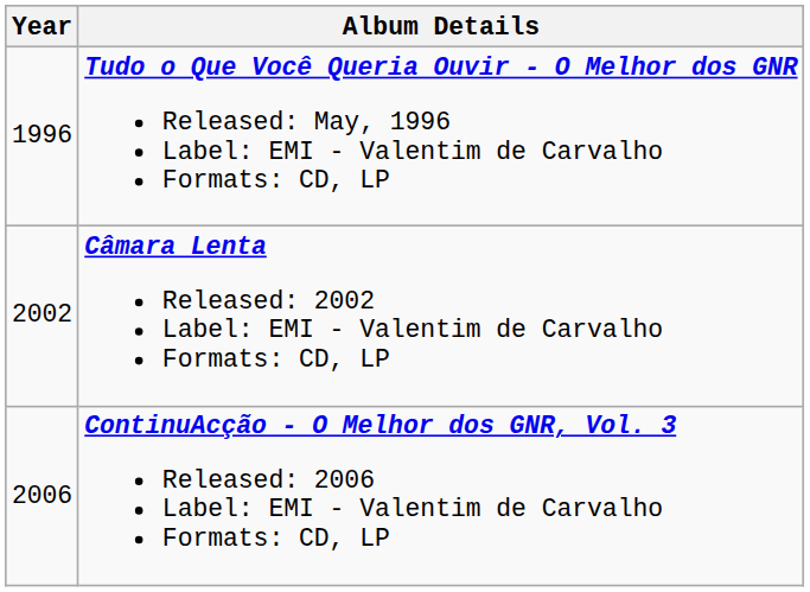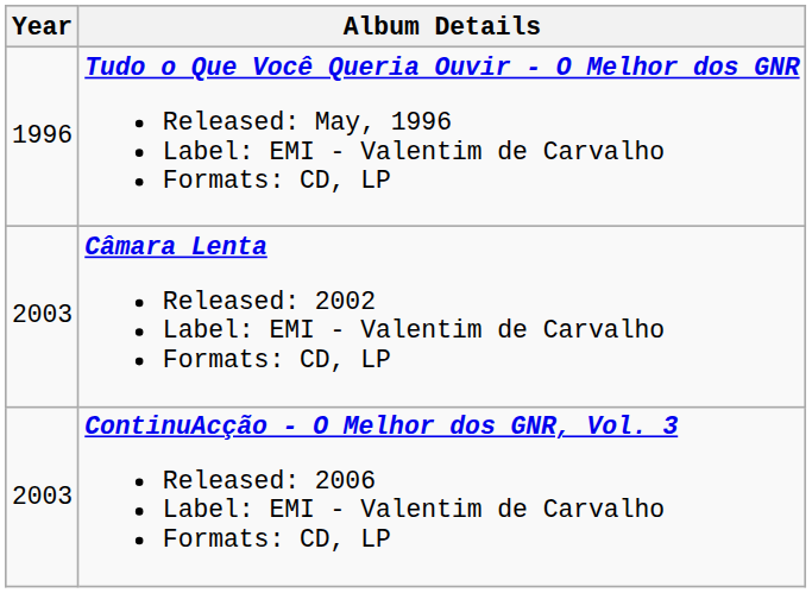 <table class="wikitable">
 <tr>
 <th>Year</th>
 <th>Album Details</th>
 </tr>
 <tr>
 <td>1996</td>
 <td><strong><em><a href='#'>Tudo o Que Você Queria Ouvir - O Melhor dos GNR</a></em></strong><br><ul><li>Released: May, 1996</li><li>Label: EMI - Valentim de Carvalho</li><li>Formats: CD, LP</li></ul></td>
 </tr>
 <tr>
-<td>2002</td>
+<td>2003</td>
 <td><strong><em><a href='#'>Câmara Lenta</a></em></strong><br><ul><li>Released: 2002</li><li>Label: EMI - Valentim de Carvalho</li><li>Formats: CD, LP</li></ul></td>
 </tr>
 <tr>
-<td>2006</td>
+<td>2003</td>
 <td><strong><em><a href='#'>ContinuAcção - O Melhor dos GNR, Vol. 3</a></em></strong><br><ul><li>Released: 2006</li><li>Label: EMI - Valentim de Carvalho</li><li>Formats: CD, LP</li></ul></td>
 </tr>
 </table>
